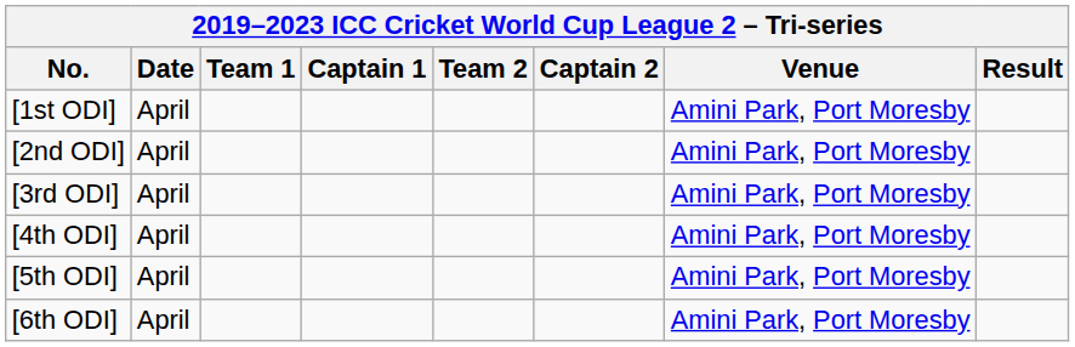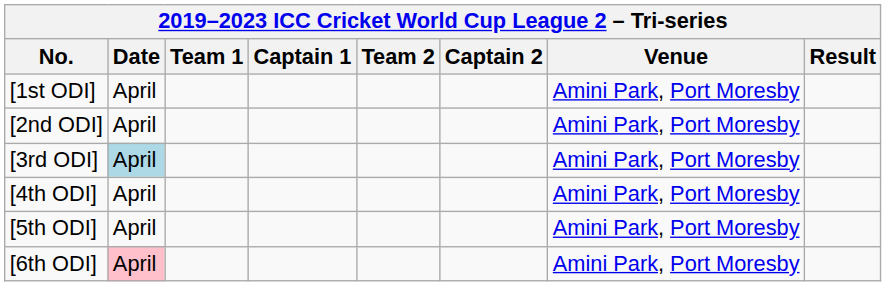 <table class="wikitable">
 <tr>
 <th colspan="9"><a href='#'>2019–2023 ICC Cricket World Cup League 2</a> – Tri-series</th>
 </tr>
 <tr>
 <th>No.</th>
 <th>Date</th>
 <th>Team 1</th>
 <th>Captain 1</th>
 <th>Team 2</th>
 <th>Captain 2</th>
 <th>Venue</th>
 <th>Result</th>
 </tr>
 <tr>
 <td>[1st ODI]</td>
 <td>April</td>
 <td></td>
 <td></td>
 <td></td>
 <td></td>
 <td><a href='#'>Amini Park</a>, <a href='#'>Port Moresby</a></td>
 <td></td>
 </tr>
 <tr>
 <td>[2nd ODI]</td>
 <td>April</td>
 <td></td>
 <td></td>
 <td></td>
 <td></td>
 <td><a href='#'>Amini Park</a>, <a href='#'>Port Moresby</a></td>
 <td></td>
 </tr>
 <tr>
 <td>[3rd ODI]</td>
-<td>April</td>
+<td style="background: lightblue;">April</td>
 <td></td>
 <td></td>
 <td></td>
 <td></td>
 <td><a href='#'>Amini Park</a>, <a href='#'>Port Moresby</a></td>
 <td></td>
 </tr>
 <tr>
 <td>[4th ODI]</td>
 <td>April</td>
 <td></td>
 <td></td>
 <td></td>
 <td></td>
 <td><a href='#'>Amini Park</a>, <a href='#'>Port Moresby</a></td>
 <td></td>
 </tr>
 <tr>
 <td>[5th ODI]</td>
 <td>April</td>
 <td></td>
 <td></td>
 <td></td>
 <td></td>
 <td><a href='#'>Amini Park</a>, <a href='#'>Port Moresby</a></td>
 <td></td>
 </tr>
 <tr>
 <td>[6th ODI]</td>
-<td>April</td>
+<td style="background: pink;">April</td>
 <td></td>
 <td></td>
 <td></td>
 <td></td>
 <td><a href='#'>Amini Park</a>, <a href='#'>Port Moresby</a></td>
 <td></td>
 </tr>
 </table>
